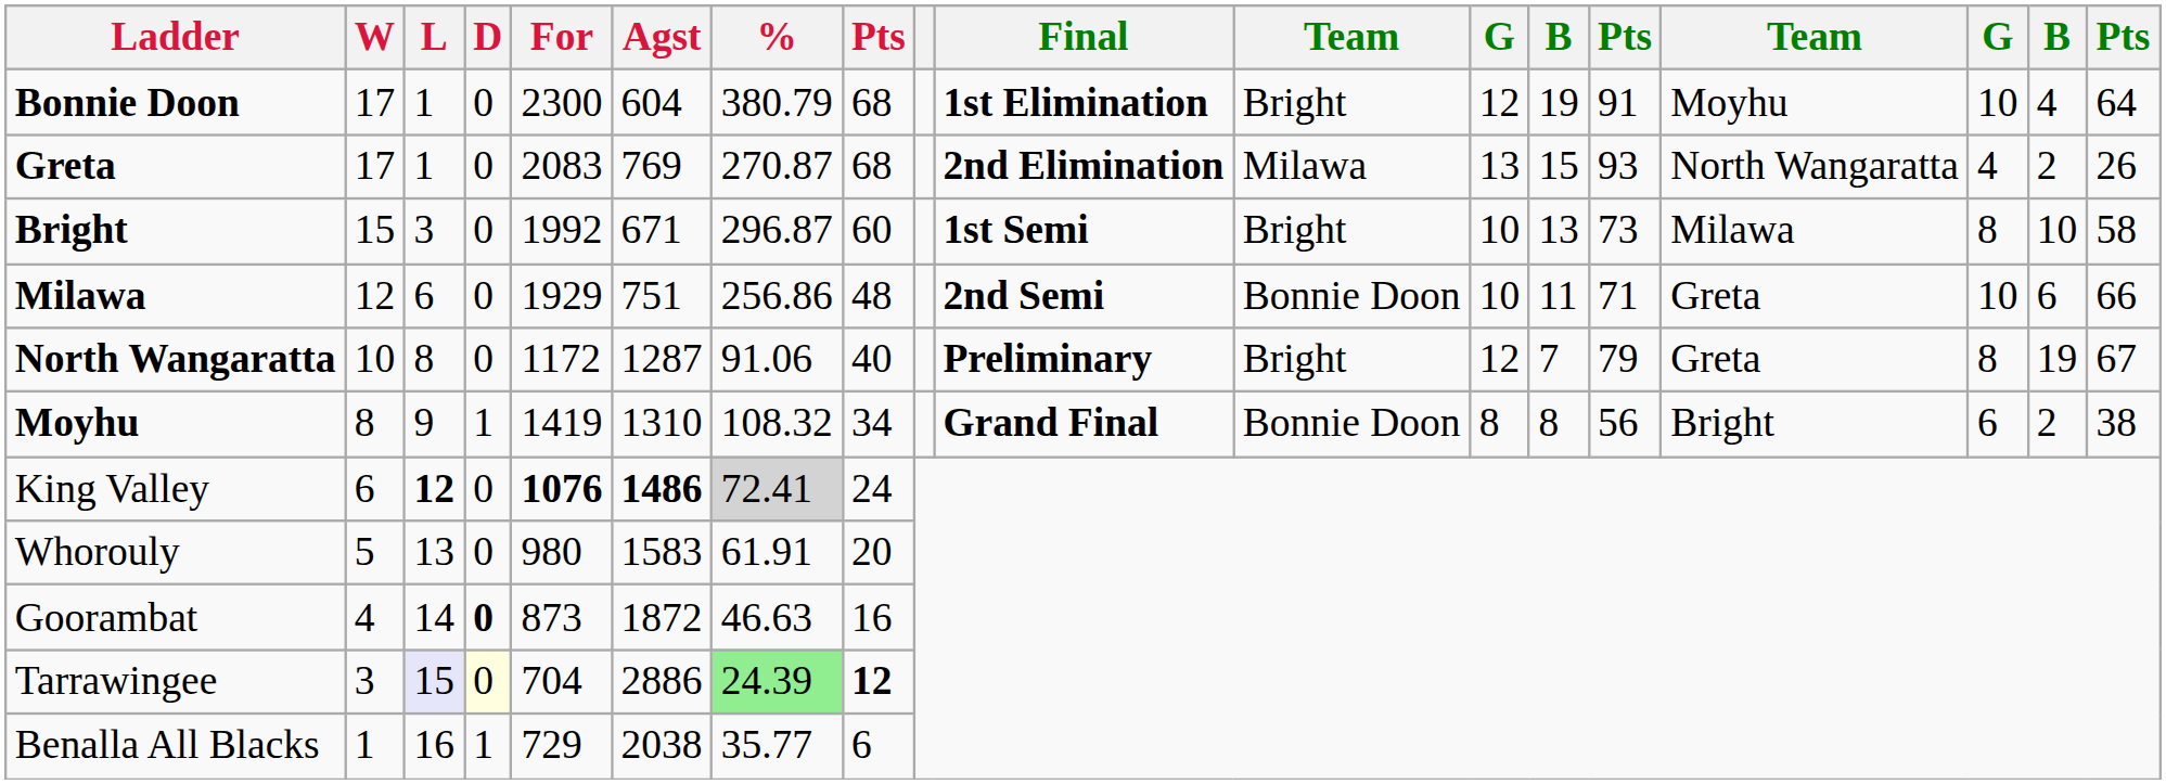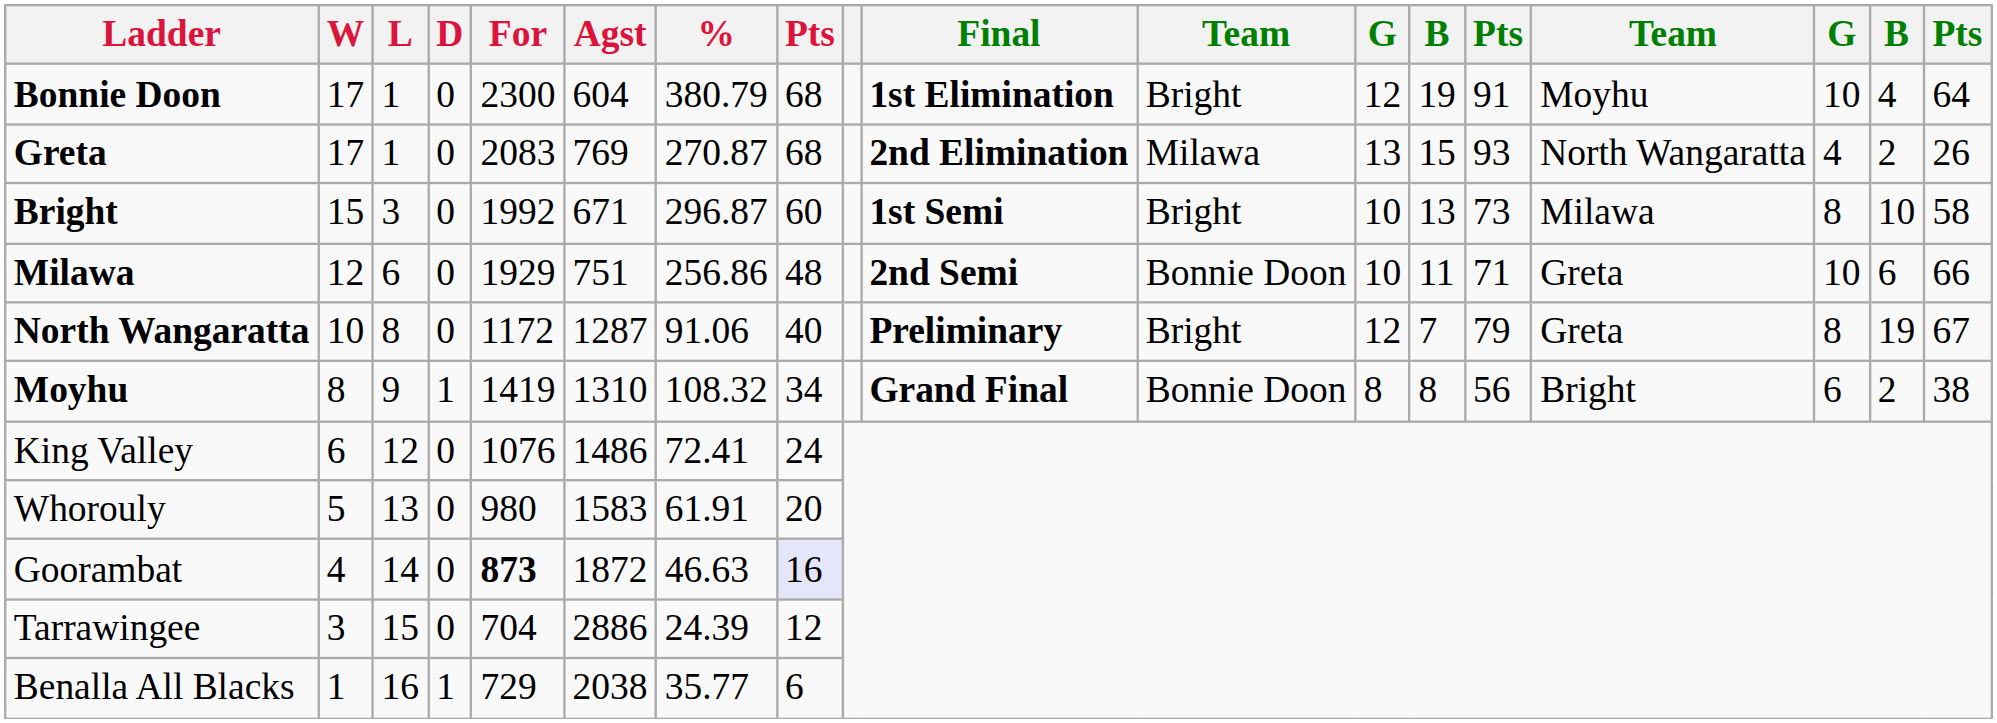 <table class="wikitable">
 <tr>
 <th style="color:crimson">Ladder</th>
 <th style="color:crimson">W</th>
 <th style="color:crimson">L</th>
 <th style="color:crimson">D</th>
 <th style="color:crimson">For</th>
 <th style="color:crimson">Agst</th>
 <th style="color:crimson">%</th>
 <th style="color:crimson">Pts</th>
 <th></th>
 <th style="color:green">Final</th>
 <th style="color:green">Team</th>
 <th style="color:green">G</th>
 <th style="color:green">B</th>
 <th style="color:green">Pts</th>
 <th style="color:green">Team</th>
 <th style="color:green">G</th>
 <th style="color:green">B</th>
 <th style="color:green">Pts</th>
 </tr>
 <tr>
 <td><strong>Bonnie Doon</strong></td>
 <td>17</td>
 <td>1</td>
 <td>0</td>
 <td>2300</td>
 <td>604</td>
 <td>380.79</td>
 <td>68</td>
 <td></td>
 <td><strong>1st Elimination</strong></td>
 <td>Bright</td>
 <td>12</td>
 <td>19</td>
 <td>91</td>
 <td>Moyhu</td>
 <td>10</td>
 <td>4</td>
 <td>64</td>
 </tr>
 <tr>
 <td><strong>Greta</strong></td>
 <td>17</td>
 <td>1</td>
 <td>0</td>
 <td>2083</td>
 <td>769</td>
 <td>270.87</td>
 <td>68</td>
 <td></td>
 <td><strong>2nd Elimination</strong></td>
 <td>Milawa</td>
 <td>13</td>
 <td>15</td>
 <td>93</td>
 <td>North Wangaratta</td>
 <td>4</td>
 <td>2</td>
 <td>26</td>
 </tr>
 <tr>
 <td><strong>Bright</strong></td>
 <td>15</td>
 <td>3</td>
 <td>0</td>
 <td>1992</td>
 <td>671</td>
 <td>296.87</td>
 <td>60</td>
 <td></td>
 <td><strong>1st Semi</strong></td>
 <td>Bright</td>
 <td>10</td>
 <td>13</td>
 <td>73</td>
 <td>Milawa</td>
 <td>8</td>
 <td>10</td>
 <td>58</td>
 </tr>
 <tr>
 <td><strong>Milawa</strong></td>
 <td>12</td>
 <td>6</td>
 <td>0</td>
 <td>1929</td>
 <td>751</td>
 <td>256.86</td>
 <td>48</td>
 <td></td>
 <td><strong>2nd Semi</strong></td>
 <td>Bonnie Doon</td>
 <td>10</td>
 <td>11</td>
 <td>71</td>
 <td>Greta</td>
 <td>10</td>
 <td>6</td>
 <td>66</td>
 </tr>
 <tr>
 <td><strong>North Wangaratta</strong></td>
 <td>10</td>
 <td>8</td>
 <td>0</td>
 <td>1172</td>
 <td>1287</td>
 <td>91.06</td>
 <td>40</td>
 <td></td>
 <td><strong>Preliminary</strong></td>
 <td>Bright</td>
 <td>12</td>
 <td>7</td>
 <td>79</td>
 <td>Greta</td>
 <td>8</td>
 <td>19</td>
 <td>67</td>
 </tr>
 <tr>
 <td><strong>Moyhu</strong></td>
 <td>8</td>
 <td>9</td>
 <td>1</td>
 <td>1419</td>
 <td>1310</td>
 <td>108.32</td>
 <td>34</td>
 <td></td>
 <td><strong>Grand Final</strong></td>
 <td>Bonnie Doon</td>
 <td>8</td>
 <td>8</td>
 <td>56</td>
 <td>Bright</td>
 <td>6</td>
 <td>2</td>
 <td>38</td>
 </tr>
 <tr>
 <td>King Valley</td>
 <td>6</td>
-<td><strong>12</strong></td>
+<td>12</td>
 <td>0</td>
-<td><strong>1076</strong></td>
-<td><strong>1486</strong></td>
-<td style="background: lightgrey;">72.41</td>
+<td>1076</td>
+<td>1486</td>
+<td>72.41</td>
 <td>24</td>
 </tr>
 <tr>
 <td>Whorouly</td>
 <td>5</td>
 <td>13</td>
 <td>0</td>
 <td>980</td>
 <td>1583</td>
 <td>61.91</td>
 <td>20</td>
 </tr>
 <tr>
 <td>Goorambat</td>
 <td>4</td>
 <td>14</td>
-<td><strong>0</strong></td>
-<td>873</td>
+<td>0</td>
+<td><strong>873</strong></td>
 <td>1872</td>
 <td>46.63</td>
-<td>16</td>
+<td style="background: lavender;">16</td>
 </tr>
 <tr>
 <td>Tarrawingee</td>
 <td>3</td>
-<td style="background: lavender;">15</td>
-<td style="background: lightyellow;">0</td>
+<td>15</td>
+<td>0</td>
 <td>704</td>
 <td>2886</td>
-<td style="background: lightgreen;">24.39</td>
-<td><strong>12</strong></td>
+<td>24.39</td>
+<td>12</td>
 </tr>
 <tr>
 <td>Benalla All Blacks</td>
 <td>1</td>
 <td>16</td>
 <td>1</td>
 <td>729</td>
 <td>2038</td>
 <td>35.77</td>
 <td>6</td>
 </tr>
 </table>
